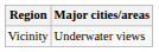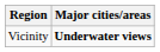 <table class="wikitable" style="font-size:90%">
 <tr>
 <th>Region</th>
 <th>Major cities/areas</th>
 </tr>
 <tr>
 <td>Vicinity</td>
-<td>Underwater views</td>
+<td><strong>Underwater views</strong></td>
 </tr>
 </table>
